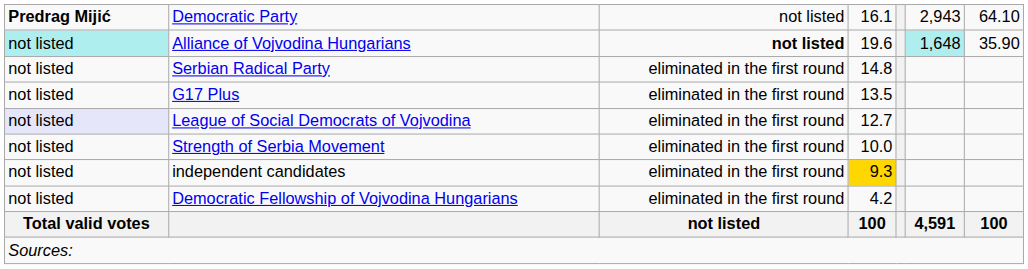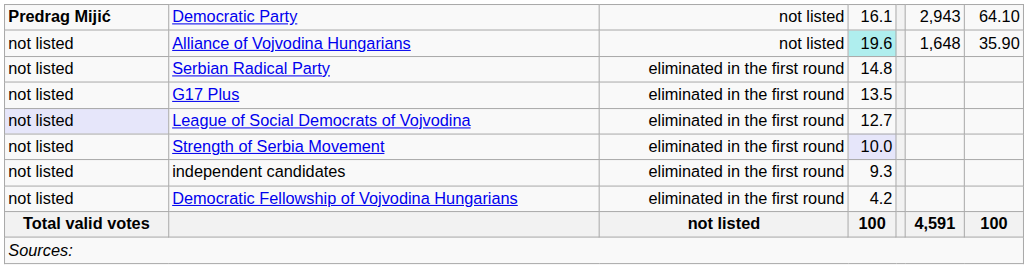 <table style="width:1000px;" class="wikitable">
 <tr>
 <td align="left"><strong>Predrag Mijić</strong></td>
 <td align="left"><a href='#'>Democratic Party</a></td>
 <td align="right">not listed</td>
 <td align="right">16.1</td>
 <th align="left"></th>
 <td align="right">2,943</td>
 <td align="right">64.10</td>
 </tr>
 <tr>
-<td align="left" style="background: paleturquoise;">not listed</td>
+<td align="left">not listed</td>
 <td align="left"><a href='#'>Alliance of Vojvodina Hungarians</a></td>
-<td align="right"><strong>not listed</strong></td>
-<td align="right">19.6</td>
+<td align="right">not listed</td>
+<td align="right" style="background: paleturquoise;">19.6</td>
 <th align="left"></th>
-<td align="right" style="background: paleturquoise;">1,648</td>
+<td align="right">1,648</td>
 <td align="right">35.90</td>
 </tr>
 <tr>
 <td align="left">not listed</td>
 <td align="left"><a href='#'>Serbian Radical Party</a></td>
 <td align="right">eliminated in the first round</td>
 <td align="right">14.8</td>
 <th align="left"></th>
 <td align="right"></td>
 <td align="right"></td>
 </tr>
 <tr>
 <td align="left">not listed</td>
 <td align="left"><a href='#'>G17 Plus</a></td>
 <td align="right">eliminated in the first round</td>
 <td align="right">13.5</td>
 <th align="left"></th>
 <td align="right"></td>
 <td align="right"></td>
 </tr>
 <tr>
 <td align="left" style="background: lavender;">not listed</td>
 <td align="left"><a href='#'>League of Social Democrats of Vojvodina</a></td>
 <td align="right">eliminated in the first round</td>
 <td align="right">12.7</td>
 <th align="left"></th>
 <td align="right"></td>
 <td align="right"></td>
 </tr>
 <tr>
 <td align="left">not listed</td>
 <td align="left"><a href='#'>Strength of Serbia Movement</a></td>
 <td align="right">eliminated in the first round</td>
-<td align="right">10.0</td>
+<td align="right" style="background: lavender;">10.0</td>
 <th align="left"></th>
 <td align="right"></td>
 <td align="right"></td>
 </tr>
 <tr>
 <td align="left">not listed</td>
 <td align="left">independent candidates</td>
 <td align="right">eliminated in the first round</td>
-<td align="right" style="background: gold;">9.3</td>
+<td align="right">9.3</td>
 <th align="left"></th>
 <td align="right"></td>
 <td align="right"></td>
 </tr>
 <tr>
 <td align="left">not listed</td>
 <td align="left"><a href='#'>Democratic Fellowship of Vojvodina Hungarians</a></td>
 <td align="right">eliminated in the first round</td>
 <td align="right">4.2</td>
 <th align="left"></th>
 <td align="right"></td>
 <td align="right"></td>
 </tr>
 <tr>
 <th align="left">Total valid votes</th>
 <th align="left"></th>
 <th align="right">not listed</th>
 <th align="right">100</th>
 <th align="left"></th>
 <th align="right">4,591</th>
 <th align="right">100</th>
 </tr>
 <tr>
 <td colspan=7><em>Sources: </em></td>
 </tr>
 </table>
